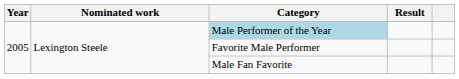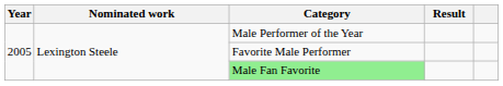 <table class="wikitable" style="width:75%;">
 <tr>
 <th width=5%>Year</th>
 <th style="width:40%;">Nominated work</th>
 <th style="width:40%;">Category</th>
 <th style="width:10%;">Result</th>
 <th width=5%></th>
 </tr>
 <tr>
 <td rowspan="3">2005</td>
 <td rowspan="3">Lexington Steele</td>
-<td style="background: lightblue;">Male Performer of the Year</td>
+<td>Male Performer of the Year</td>
 <td></td>
 <td style="text-align:center;"></td>
 </tr>
 <tr>
 <td>Favorite Male Performer</td>
 <td></td>
 <td style="text-align:center;"></td>
 </tr>
 <tr>
-<td>Male Fan Favorite</td>
+<td style="background: lightgreen;">Male Fan Favorite</td>
 <td></td>
 <td style="text-align:center;"></td>
 </tr>
 </table>
